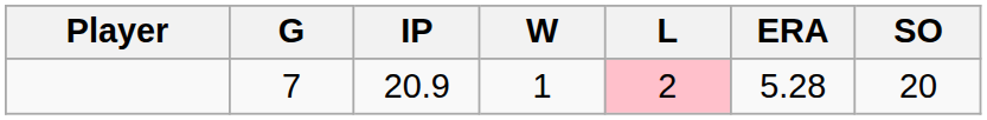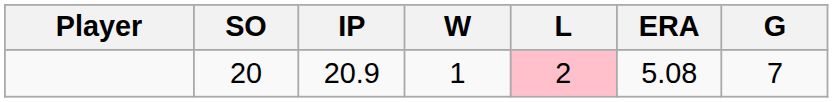 <table class="wikitable sortable">
 <tr>
 <th bgcolor="#DDDDFF" width="16%">Player</th>
-<th bgcolor="#DDDDFF" width="9%">G</th>
+<th bgcolor="#DDDDFF" width="9%">SO</th>
 <th bgcolor="#DDDDFF" width="9%">IP</th>
 <th bgcolor="#DDDDFF" width="9%">W</th>
 <th bgcolor="#DDDDFF" width="9%">L</th>
 <th bgcolor="#DDDDFF" width="9%">ERA</th>
-<th bgcolor="#DDDDFF" width="9%">SO</th>
+<th bgcolor="#DDDDFF" width="9%">G</th>
 </tr>
 <tr align="center">
 <td></td>
-<td>7</td>
+<td>20</td>
 <td>20.9</td>
 <td>1</td>
 <td style="background: pink;">2</td>
-<td>5.28</td>
-<td>20</td>
+<td>5.08</td>
+<td>7</td>
 </tr>
 </table>
